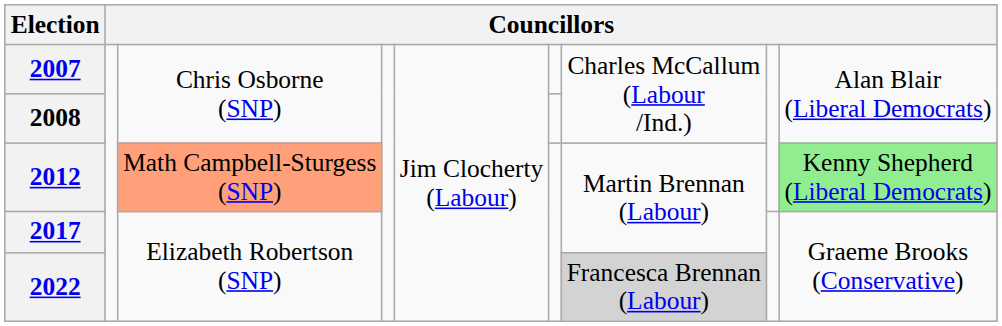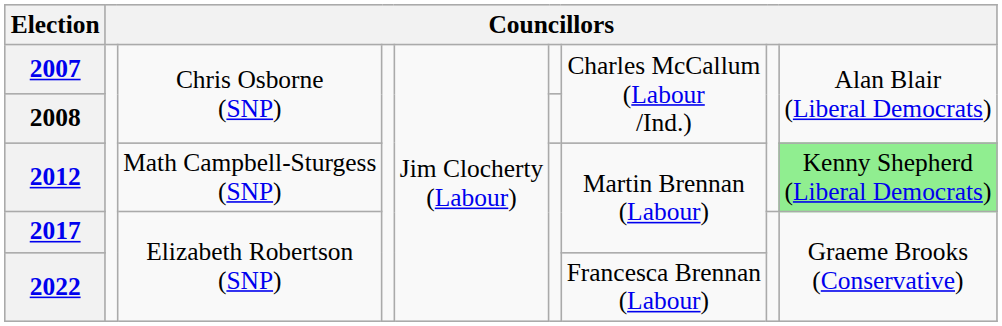 <table class="wikitable" style="text-align:center">
 <tr>
 <th>Election</th>
 <th colspan=8>Councillors</th>
 </tr>
 <tr>
 <th><a href='#'>2007</a></th>
 <td rowspan=5; style="background-color: "></td>
 <td rowspan=2>Chris Osborne<br>(<a href='#'>SNP</a>)</td>
 <td rowspan=5; style="background-color: "></td>
 <td rowspan=5>Jim Clocherty<br>(<a href='#'>Labour</a>)</td>
 <td rowspan=1; style="background-color: "></td>
 <td rowspan=2>Charles McCallum<br>(<a href='#'>Labour</a><br>/Ind.)</td>
 <td rowspan=3; style="background-color: "></td>
 <td rowspan=2>Alan Blair<br>(<a href='#'>Liberal Democrats</a>)</td>
 </tr>
 <tr>
 <th>2008</th>
 <td rowspan=1; style="background-color: "></td>
 </tr>
 <tr>
 <th><a href='#'>2012</a></th>
-<td rowspan=1 style="background: lightsalmon;">Math Campbell-Sturgess<br>(<a href='#'>SNP</a>)</td>
+<td rowspan=1>Math Campbell-Sturgess<br>(<a href='#'>SNP</a>)</td>
 <td rowspan=3; style="background-color: "></td>
 <td rowspan=2>Martin Brennan<br>(<a href='#'>Labour</a>)</td>
 <td rowspan=1 style="background: lightgreen;">Kenny Shepherd<br>(<a href='#'>Liberal Democrats</a>)</td>
 </tr>
 <tr>
 <th><a href='#'>2017</a></th>
 <td rowspan=2>Elizabeth Robertson<br>(<a href='#'>SNP</a>)</td>
 <td rowspan=2; style="background-color: "></td>
 <td rowspan=2>Graeme Brooks<br>(<a href='#'>Conservative</a>)</td>
 </tr>
 <tr>
 <th><a href='#'>2022</a></th>
-<td rowspan=1 style="background: lightgrey;">Francesca Brennan<br>(<a href='#'>Labour</a>)</td>
+<td rowspan=1>Francesca Brennan<br>(<a href='#'>Labour</a>)</td>
 </tr>
 </table>
